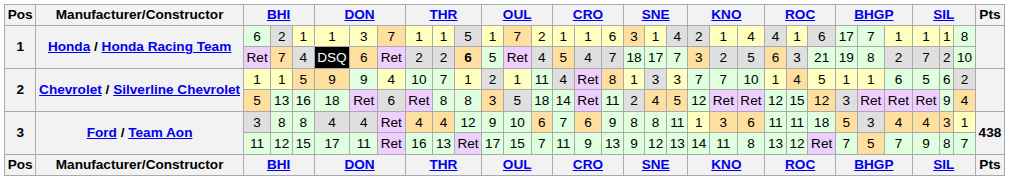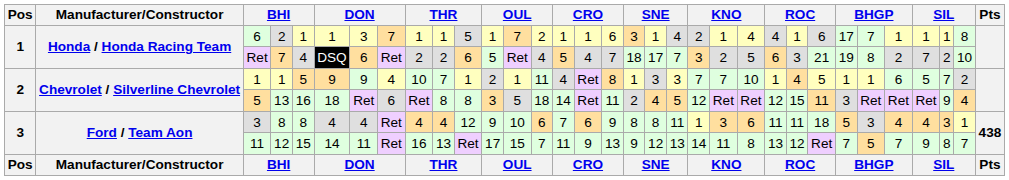 <table class="wikitable" style="font-size: 85%; text-align: center;">
 <tr valign="top">
 <th valign="middle">Pos</th>
 <th valign="middle">Manufacturer/Constructor</th>
 <th colspan="3"><a href='#'>BHI</a></th>
 <th colspan="3"><a href='#'>DON</a></th>
 <th colspan="3"><a href='#'>THR</a></th>
 <th colspan="3"><a href='#'>OUL</a></th>
 <th colspan="3"><a href='#'>CRO</a></th>
 <th colspan="3"><a href='#'>SNE</a></th>
 <th colspan="3"><a href='#'>KNO</a></th>
 <th colspan="3"><a href='#'>ROC</a></th>
 <th colspan="3"><a href='#'>BHGP</a></th>
 <th colspan="3"><a href='#'>SIL</a></th>
 <th valign=middle>Pts</th>
 </tr>
 <tr>
 <th rowspan=2>1</th>
 <th rowspan=2 align=left><a href='#'>Honda</a> / <a href='#'>Honda Racing Team</a></th>
 <td style="background:#dfffdf;">6</td>
 <td style="background:#dfdfdf;">2</td>
 <td style="background:#ffffbf;">1</td>
 <td style="background:#ffffbf;">1</td>
 <td style="background:#ffffbf;">3</td>
 <td style="background:#ffdf9f;">7</td>
 <td style="background:#ffffbf;">1</td>
 <td style="background:#ffffbf;">1</td>
 <td style="background:#dfdfdf;">5</td>
 <td style="background:#ffffbf;">1</td>
 <td style="background:#ffdf9f;">7</td>
 <td style="background:#ffffbf;">2</td>
 <td style="background:#ffffbf;">1</td>
 <td style="background:#ffffbf;">1</td>
 <td style="background:#ffffbf;">6</td>
 <td style="background:#ffdf9f;">3</td>
 <td style="background:#ffffbf;">1</td>
 <td style="background:#dfdfdf;">4</td>
 <td style="background:#dfdfdf;">2</td>
 <td style="background:#ffffbf;">1</td>
 <td style="background:#ffffbf;">4</td>
 <td style="background:#dfdfdf;">4</td>
 <td style="background:#ffffbf;">1</td>
 <td style="background:#dfdfdf;">6</td>
 <td style="background:#dfffdf;">17</td>
 <td style="background:#dfffdf;">7</td>
 <td style="background:#ffffbf;">1</td>
 <td style="background:#ffffbf;">1</td>
 <td style="background:#ffffbf;">1</td>
 <td style="background:#dfffdf;">8</td>
 <th rowspan=2></th>
 </tr>
 <tr>
 <td style="background:#efcfff;">Ret</td>
 <td style="background:#ffdf9f;">7</td>
 <td style="background:#dfdfdf;">4</td>
 <td style="background:#000000; color:white">DSQ</td>
 <td style="background:#ffdf9f;">6</td>
 <td style="background:#efcfff;">Ret</td>
 <td style="background:#dfdfdf;">2</td>
 <td style="background:#dfdfdf;">2</td>
-<td style="background:#ffdf9f;"><strong>6</strong></td>
+<td style="background:#ffdf9f;">6</td>
 <td style="background:#dfffdf;">5</td>
 <td style="background:#efcfff;">Ret</td>
 <td style="background:#dfdfdf;">4</td>
 <td style="background:#ffdf9f;">5</td>
 <td style="background:#dfdfdf;">4</td>
 <td style="background:#dfdfdf;">7</td>
 <td style="background:#dfffdf;">18</td>
 <td style="background:#dfffdf;">17</td>
 <td style="background:#dfffdf;">7</td>
 <td style="background:#ffdf9f;">3</td>
 <td style="background:#dfdfdf;">2</td>
 <td style="background:#dfdfdf;">5</td>
 <td style="background:#ffdf9f;">6</td>
 <td style="background:#dfdfdf;">3</td>
 <td style="background:#dfffdf;">21</td>
 <td style="background:#dfffdf;">19</td>
 <td style="background:#dfffdf;">8</td>
 <td style="background:#dfdfdf;">2</td>
 <td style="background:#dfdfdf;">7</td>
 <td style="background:#dfdfdf;">2</td>
 <td style="background:#dfffdf;">10</td>
 </tr>
 <tr>
 <th rowspan=2>2</th>
 <th rowspan=2 align=left nowrap><a href='#'>Chevrolet</a> / <a href='#'>Silverline Chevrolet</a></th>
 <td style="background:#ffffbf;">1</td>
 <td style="background:#ffffbf;">1</td>
 <td style="background:#ffdf9f;">5</td>
 <td style="background:#ffdf9f;">9</td>
 <td style="background:#dfffdf;">9</td>
 <td style="background:#ffffbf;">4</td>
 <td style="background:#dfffdf;">10</td>
 <td style="background:#dfffdf;">7</td>
 <td style="background:#ffffbf;">1</td>
 <td style="background:#dfdfdf;">2</td>
 <td style="background:#ffffbf;">1</td>
 <td style="background:#dfffdf;">11</td>
 <td style="background:#dfdfdf;">4</td>
 <td style="background:#efcfff;">Ret</td>
 <td style="background:#ffdf9f;">8</td>
 <td style="background:#ffffbf;">1</td>
 <td style="background:#dfdfdf;">3</td>
 <td style="background:#ffffbf;">3</td>
 <td style="background:#dfffdf;">7</td>
 <td style="background:#dfffdf;">7</td>
 <td style="background:#dfffdf;">10</td>
 <td style="background:#ffffbf;">1</td>
 <td style="background:#ffdf9f;">4</td>
 <td style="background:#ffffbf;">5</td>
 <td style="background:#ffffbf;">1</td>
 <td style="background:#ffffbf;">1</td>
 <td style="background:#dfffdf;">6</td>
 <td style="background:#dfffdf;">5</td>
-<td style="background:#dfffdf;">6</td>
+<td style="background:#dfffdf;">7</td>
 <td style="background:#dfdfdf;">2</td>
 <th rowspan=2></th>
 </tr>
 <tr>
 <td style="background:#ffdf9f;">5</td>
 <td style="background:#dfffdf;">13</td>
 <td style="background:#dfffdf;">16</td>
 <td style="background:#dfffdf;">18</td>
 <td style="background:#efcfff;">Ret</td>
 <td style="background:#dfdfdf;">6</td>
 <td style="background:#efcfff;">Ret</td>
 <td style="background:#dfffdf;">8</td>
 <td style="background:#dfffdf;">8</td>
 <td style="background:#ffdf9f;">3</td>
 <td style="background:#dfdfdf;">5</td>
 <td style="background:#dfffdf;">18</td>
 <td style="background:#dfffdf;">14</td>
 <td style="background:#efcfff;">Ret</td>
 <td style="background:#dfffdf;">11</td>
 <td style="background:#dfdfdf;">2</td>
 <td style="background:#ffdf9f;">4</td>
 <td style="background:#ffdf9f;">5</td>
 <td style="background:#dfffdf;">12</td>
 <td style="background:#efcfff;">Ret</td>
 <td style="background:#efcfff;">Ret</td>
 <td style="background:#dfffdf;">12</td>
 <td style="background:#dfffdf;">15</td>
-<td style="background:#ffdf9f;">12</td>
+<td style="background:#ffdf9f;">11</td>
 <td style="background:#dfdfdf;">3</td>
 <td style="background:#efcfff;">Ret</td>
 <td style="background:#efcfff;">Ret</td>
 <td style="background:#efcfff;">Ret</td>
 <td style="background:#dfffdf;">9</td>
 <td style="background:#ffdf9f;">4</td>
 </tr>
 <tr>
 <th rowspan=2>3</th>
 <th rowspan=2 align=left><a href='#'>Ford</a> / <a href='#'>Team Aon</a></th>
 <td style="background:#dfdfdf;">3</td>
 <td style="background:#dfffdf;">8</td>
 <td style="background:#dfffdf;">8</td>
 <td style="background:#dfdfdf;">4</td>
 <td style="background:#dfdfdf;">4</td>
 <td style="background:#efcfff;">Ret</td>
 <td style="background:#ffdf9f;">4</td>
 <td style="background:#ffdf9f;">4</td>
 <td style="background:#dfffdf;">12</td>
 <td style="background:#dfffdf;">9</td>
 <td style="background:#dfffdf;">10</td>
 <td style="background:#ffdf9f;">6</td>
 <td style="background:#dfffdf;">7</td>
 <td style="background:#ffdf9f;">6</td>
 <td style="background:#dfffdf;">9</td>
 <td style="background:#dfffdf;">8</td>
 <td style="background:#dfffdf;">8</td>
 <td style="background:#dfffdf;">11</td>
 <td style="background:#ffffbf;">1</td>
 <td style="background:#ffdf9f;">3</td>
 <td style="background:#ffdf9f;">6</td>
 <td style="background:#dfffdf;">11</td>
 <td style="background:#dfffdf;">11</td>
 <td style="background:#dfffdf;">18</td>
 <td style="background:#ffdf9f;">5</td>
 <td style="background:#dfdfdf;">3</td>
 <td style="background:#ffdf9f;">4</td>
 <td style="background:#ffdf9f;">4</td>
 <td style="background:#ffdf9f;">3</td>
 <td style="background:#ffffbf;">1</td>
 <th rowspan=2>438</th>
 </tr>
 <tr>
 <td style="background:#dfffdf;">11</td>
 <td style="background:#dfffdf;">12</td>
 <td style="background:#dfffdf;">15</td>
-<td style="background:#dfffdf;">17</td>
+<td style="background:#dfffdf;">14</td>
 <td style="background:#dfffdf;">11</td>
 <td style="background:#efcfff;">Ret</td>
 <td style="background:#dfffdf;">16</td>
 <td style="background:#dfffdf;">13</td>
 <td style="background:#efcfff;">Ret</td>
 <td style="background:#dfffdf;">17</td>
 <td style="background:#dfffdf;">15</td>
 <td style="background:#dfffdf;">7</td>
 <td style="background:#dfffdf;">11</td>
 <td style="background:#dfffdf;">9</td>
 <td style="background:#dfffdf;">13</td>
 <td style="background:#dfffdf;">9</td>
 <td style="background:#dfffdf;">12</td>
 <td style="background:#dfffdf;">13</td>
 <td style="background:#dfffdf;">14</td>
 <td style="background:#dfffdf;">11</td>
 <td style="background:#dfffdf;">8</td>
 <td style="background:#dfffdf;">13</td>
 <td style="background:#dfffdf;">12</td>
 <td style="background:#efcfff;">Ret</td>
 <td style="background:#dfffdf;">7</td>
 <td style="background:#ffdf9f;">5</td>
 <td style="background:#dfffdf;">7</td>
 <td style="background:#dfffdf;">9</td>
 <td style="background:#dfffdf;">8</td>
 <td style="background:#dfffdf;">7</td>
 </tr>
 <tr valign="top">
 <th valign="middle">Pos</th>
 <th valign="middle">Manufacturer/Constructor</th>
 <th colspan="3"><a href='#'>BHI</a></th>
 <th colspan="3"><a href='#'>DON</a></th>
 <th colspan="3"><a href='#'>THR</a></th>
 <th colspan="3"><a href='#'>OUL</a></th>
 <th colspan="3"><a href='#'>CRO</a></th>
 <th colspan="3"><a href='#'>SNE</a></th>
 <th colspan="3"><a href='#'>KNO</a></th>
 <th colspan="3"><a href='#'>ROC</a></th>
 <th colspan="3"><a href='#'>BHGP</a></th>
 <th colspan="3"><a href='#'>SIL</a></th>
 <th valign=middle>Pts</th>
 </tr>
 </table>
